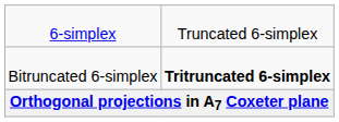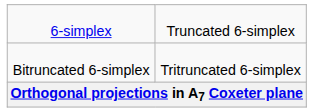 <table class=wikitable align=right style="margin-left:1em;">
 <tr align=center>
 <td><br><a href='#'>6-simplex</a><br></td>
 <td><br>Truncated 6-simplex<br></td>
 </tr>
 <tr align=center>
 <td><br>Bitruncated 6-simplex<br></td>
-<td><strong><br>Tritruncated 6-simplex<br></strong></td>
+<td><br>Tritruncated 6-simplex<br></td>
 </tr>
 <tr>
 <th colspan=3><a href='#'>Orthogonal projections</a> in A<sub>7</sub> <a href='#'>Coxeter plane</a></th>
 </tr>
 </table>
